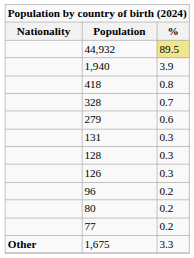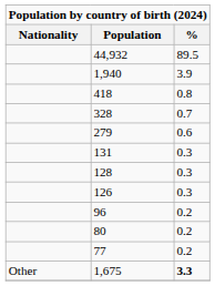 <table class="wikitable" style="float:right;">
 <tr>
 <td colspan="3"><strong>Population by country of birth (2024)</strong></td>
 </tr>
 <tr \>
 <th>Nationality</th>
 <th>Population</th>
 <th>%</th>
 </tr>
 <tr>
 <td></td>
 <td>44,932</td>
-<td style="background: khaki;">89.5</td>
+<td>89.5</td>
 </tr>
 <tr>
 <td></td>
 <td>1,940</td>
 <td>3.9</td>
 </tr>
 <tr>
 <td></td>
 <td>418</td>
 <td>0.8</td>
 </tr>
 <tr>
 <td></td>
 <td>328</td>
 <td>0.7</td>
 </tr>
 <tr>
 <td></td>
 <td>279</td>
 <td>0.6</td>
 </tr>
 <tr>
 <td></td>
 <td>131</td>
 <td>0.3</td>
 </tr>
 <tr>
 <td></td>
 <td>128</td>
 <td>0.3</td>
 </tr>
 <tr>
 <td></td>
 <td>126</td>
 <td>0.3</td>
 </tr>
 <tr>
 <td></td>
 <td>96</td>
 <td>0.2</td>
 </tr>
 <tr>
 <td></td>
 <td>80</td>
 <td>0.2</td>
 </tr>
 <tr>
 <td></td>
 <td>77</td>
 <td>0.2</td>
 </tr>
 <tr>
-<td><strong>Other</strong></td>
+<td>Other</td>
 <td>1,675</td>
-<td>3.3</td>
+<td><strong>3.3</strong></td>
 </tr>
 <tr>
 </tr>
 </table>
